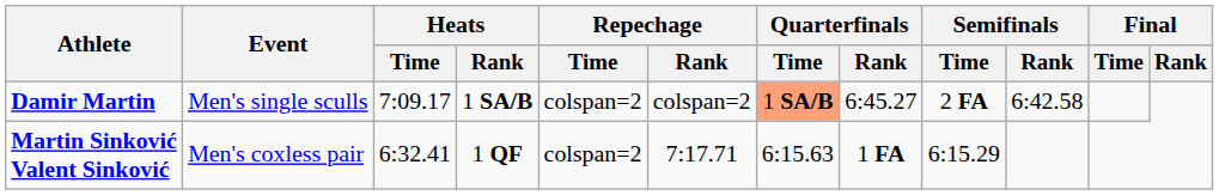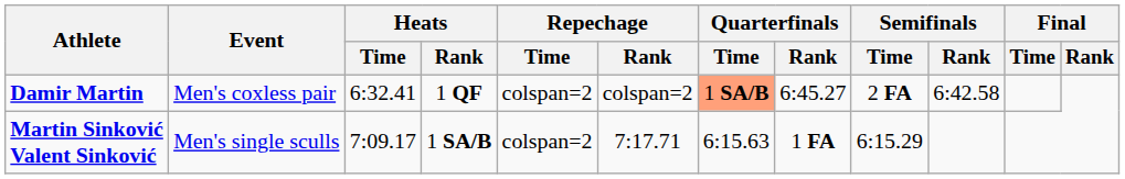 <table class="wikitable" style="font-size:90%">
 <tr>
 <th rowspan="2">Athlete</th>
 <th rowspan="2">Event</th>
 <th colspan="2">Heats</th>
 <th colspan="2">Repechage</th>
 <th colspan="2">Quarterfinals</th>
 <th colspan="2">Semifinals</th>
 <th colspan="2">Final</th>
 </tr>
 <tr style="font-size:95%">
 <th>Time</th>
 <th>Rank</th>
 <th>Time</th>
 <th>Rank</th>
 <th>Time</th>
 <th>Rank</th>
 <th>Time</th>
 <th>Rank</th>
 <th>Time</th>
 <th>Rank</th>
 </tr>
 <tr align=center>
 <td align=left><strong><a href='#'>Damir Martin</a></strong></td>
-<td align=left><a href='#'>Men's single sculls</a></td>
-<td>7:09.17</td>
-<td>1 <strong>SA/B</strong></td>
+<td align=left><a href='#'>Men's coxless pair</a></td>
+<td>6:32.41</td>
+<td>1 <strong>QF</strong></td>
 <td>colspan=2 </td>
 <td>colspan=2 </td>
 <td style="background: lightsalmon;">1 <strong>SA/B</strong></td>
 <td>6:45.27</td>
 <td>2 <strong>FA</strong></td>
 <td>6:42.58</td>
 <td></td>
 </tr>
 <tr align=center>
 <td align=left><strong><a href='#'>Martin Sinković</a><br><a href='#'>Valent Sinković</a></strong></td>
-<td align=left><a href='#'>Men's coxless pair</a></td>
-<td>6:32.41</td>
-<td>1 <strong>QF</strong></td>
+<td align=left><a href='#'>Men's single sculls</a></td>
+<td>7:09.17</td>
+<td>1 <strong>SA/B</strong></td>
 <td>colspan=2 </td>
 <td>7:17.71</td>
 <td>6:15.63</td>
 <td>1 <strong>FA</strong></td>
 <td>6:15.29</td>
 <td></td>
 </tr>
 </table>
